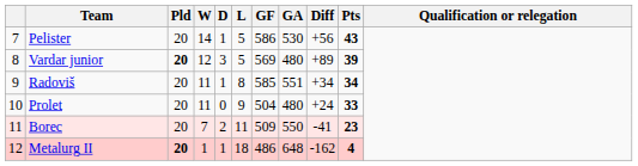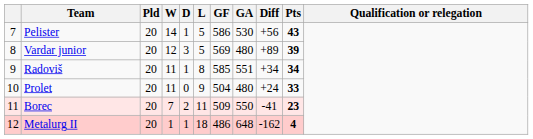 <table class="wikitable sortable" style="text-align:center">
 <tr>
 <th></th>
 <th width="155">Team</th>
 <th>Pld</th>
 <th>W</th>
 <th>D</th>
 <th>L</th>
 <th>GF</th>
 <th>GA</th>
 <th>Diff</th>
 <th>Pts</th>
 <th width="300">Qualification or relegation</th>
 </tr>
 <tr>
 <td>7</td>
 <td align=left><a href='#'>Pelister</a></td>
 <td>20</td>
 <td>14</td>
 <td>1</td>
 <td>5</td>
 <td>586</td>
 <td>530</td>
 <td>+56</td>
 <td><strong>43</strong></td>
 </tr>
 <tr>
 <td>8</td>
 <td align=left><a href='#'>Vardar junior</a></td>
-<td><strong>20</strong></td>
+<td>20</td>
 <td>12</td>
 <td>3</td>
 <td>5</td>
 <td>569</td>
 <td>480</td>
 <td>+89</td>
 <td><strong>39</strong></td>
 </tr>
 <tr>
 <td>9</td>
 <td align=left><a href='#'>Radoviš</a></td>
 <td>20</td>
 <td>11</td>
 <td>1</td>
 <td>8</td>
 <td>585</td>
 <td>551</td>
 <td>+34</td>
 <td><strong>34</strong></td>
 </tr>
 <tr>
 <td>10</td>
 <td align=left><a href='#'>Prolet</a></td>
 <td>20</td>
 <td>11</td>
 <td>0</td>
 <td>9</td>
 <td>504</td>
 <td>480</td>
 <td>+24</td>
 <td><strong>33</strong></td>
 </tr>
 <tr style="background: #FFE6E6;">
 <td>11</td>
 <td align=left><a href='#'>Borec</a></td>
 <td>20</td>
 <td>7</td>
 <td>2</td>
 <td>11</td>
 <td>509</td>
 <td>550</td>
 <td>-41</td>
 <td><strong>23</strong></td>
 </tr>
 <tr style="background: #FFCCCC;">
 <td>12</td>
 <td align=left><a href='#'>Metalurg II</a></td>
-<td><strong>20</strong></td>
+<td>20</td>
 <td>1</td>
 <td>1</td>
 <td>18</td>
 <td>486</td>
 <td>648</td>
 <td>-162</td>
 <td><strong>4</strong></td>
 </tr>
 </table>
